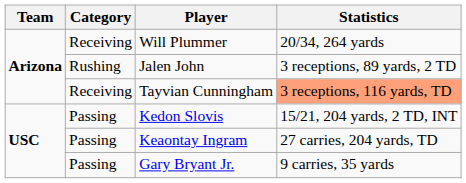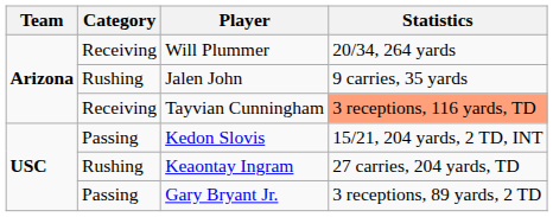 <table class="wikitable" style="float: right;">
 <tr>
 <th>Team</th>
 <th>Category</th>
 <th>Player</th>
 <th>Statistics</th>
 </tr>
 <tr>
 <td rowspan=3><strong>Arizona</strong></td>
 <td>Receiving</td>
 <td>Will Plummer</td>
 <td>20/34, 264 yards</td>
 </tr>
 <tr>
 <td>Rushing</td>
 <td>Jalen John</td>
-<td>3 receptions, 89 yards, 2 TD</td>
+<td>9 carries, 35 yards</td>
 </tr>
 <tr>
 <td>Receiving</td>
 <td>Tayvian Cunningham</td>
 <td style="background: lightsalmon;">3 receptions, 116 yards, TD</td>
 </tr>
 <tr>
 <td rowspan=3><strong>USC</strong></td>
 <td>Passing</td>
 <td><a href='#'>Kedon Slovis</a></td>
 <td>15/21, 204 yards, 2 TD, INT</td>
 </tr>
 <tr>
-<td>Passing</td>
+<td>Rushing</td>
 <td><a href='#'>Keaontay Ingram</a></td>
 <td>27 carries, 204 yards, TD</td>
 </tr>
 <tr>
 <td>Passing</td>
 <td><a href='#'>Gary Bryant Jr.</a></td>
-<td>9 carries, 35 yards</td>
+<td>3 receptions, 89 yards, 2 TD</td>
 </tr>
 </table>
